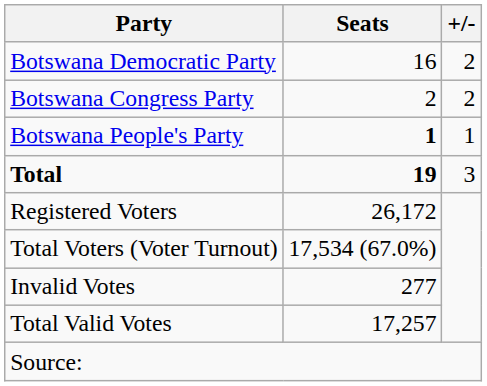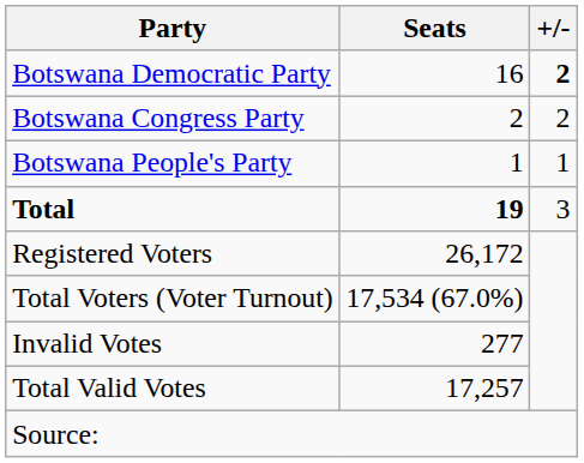 <table class=wikitable style=text-align:right>
 <tr>
 <th>Party</th>
 <th>Seats</th>
 <th>+/-</th>
 </tr>
 <tr>
 <td align=left><a href='#'>Botswana Democratic Party</a></td>
 <td>16</td>
-<td>2</td>
+<td><strong>2</strong></td>
 </tr>
 <tr>
 <td align=left><a href='#'>Botswana Congress Party</a></td>
 <td>2</td>
 <td>2</td>
 </tr>
 <tr>
 <td align=left><a href='#'>Botswana People's Party</a></td>
-<td><strong>1</strong></td>
+<td>1</td>
 <td>1</td>
 </tr>
 <tr>
 <td align=left><strong>Total</strong></td>
 <td><strong>19</strong></td>
 <td>3</td>
 </tr>
 <tr>
 <td align=left>Registered Voters</td>
 <td>26,172</td>
 </tr>
 <tr>
 <td align=left>Total Voters (Voter Turnout)</td>
 <td>17,534 (67.0%)</td>
 </tr>
 <tr>
 <td align=left>Invalid Votes</td>
 <td>277</td>
 </tr>
 <tr>
 <td align=left>Total Valid Votes</td>
 <td>17,257</td>
 </tr>
 <tr>
 <td colspan=4 align=left>Source: </td>
 </tr>
 </table>
